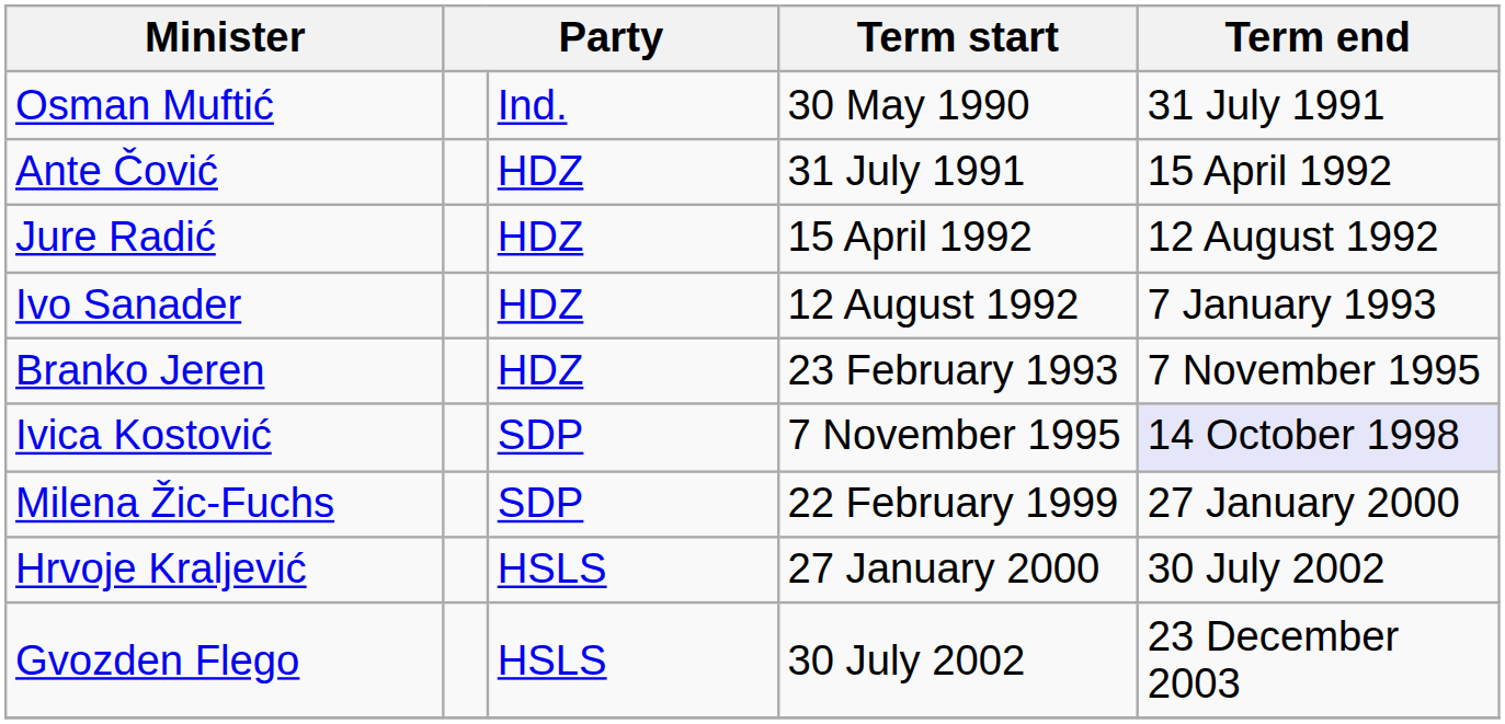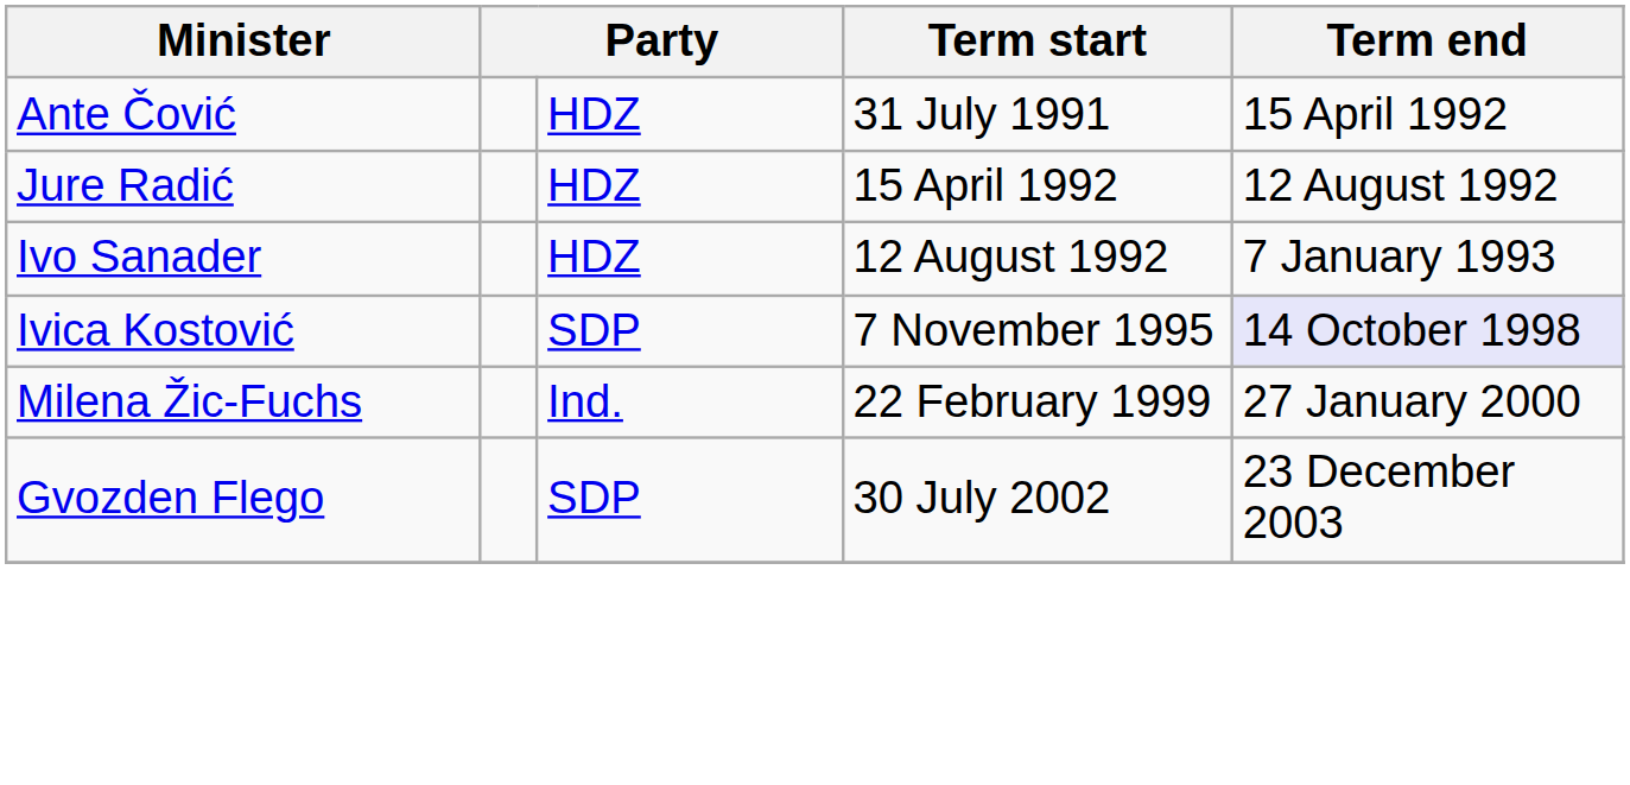 <table class="wikitable plainrowheaders">
 <tr>
 <th width="160">Minister</th>
 <th colspan=2 width="120">Party</th>
 <th width="130">Term start</th>
 <th width="130">Term end</th>
-</tr>
-<tr>
-<td scope="row"><a href='#'>Osman Muftić</a></td>
-<td style="background-color: "></td>
-<td><a href='#'>Ind.</a></td>
-<td>30 May 1990</td>
-<td>31 July 1991</td>
 </tr>
 <tr>
 <td scope="row"><a href='#'>Ante Čović</a></td>
 <td style="background-color: "></td>
 <td><a href='#'>HDZ</a></td>
 <td>31 July 1991</td>
 <td>15 April 1992</td>
 </tr>
 <tr>
 <td scope="row"><a href='#'>Jure Radić</a></td>
 <td style="background-color: "></td>
 <td><a href='#'>HDZ</a></td>
 <td>15 April 1992</td>
 <td>12 August 1992</td>
 </tr>
 <tr>
 <td scope="row"><a href='#'>Ivo Sanader</a></td>
 <td style="background-color: "></td>
 <td><a href='#'>HDZ</a></td>
 <td>12 August 1992</td>
 <td>7 January 1993</td>
 </tr>
 <tr>
-<td scope="row"><a href='#'>Branko Jeren</a></td>
-<td style="background-color: "></td>
-<td><a href='#'>HDZ</a></td>
-<td>23 February 1993</td>
-<td>7 November 1995</td>
-</tr>
-<tr>
 <td scope="row"><a href='#'>Ivica Kostović</a></td>
 <td style="background-color: "></td>
 <td><a href='#'>SDP</a></td>
 <td>7 November 1995</td>
 <td style="background: lavender;">14 October 1998</td>
 </tr>
 <tr>
 <td scope="row"><a href='#'>Milena Žic-Fuchs</a></td>
 <td style="background-color: "></td>
-<td><a href='#'>SDP</a></td>
+<td><a href='#'>Ind.</a> </td>
 <td>22 February 1999</td>
 <td>27 January 2000</td>
 </tr>
 <tr>
-<td scope="row"><a href='#'>Hrvoje Kraljević</a></td>
-<td style="background-color: "></td>
-<td><a href='#'>HSLS</a></td>
-<td>27 January 2000</td>
-<td>30 July 2002</td>
-</tr>
-<tr>
 <td scope="row"><a href='#'>Gvozden Flego</a></td>
 <td style="background-color: "></td>
-<td><a href='#'>HSLS</a></td>
+<td><a href='#'>SDP</a></td>
 <td>30 July 2002</td>
 <td>23 December 2003</td>
 </tr>
 <tr>
 </tr>
 </table>
